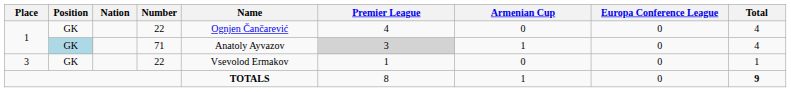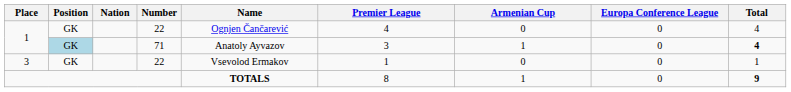 <table class="wikitable" style="font-size: 95%; text-align: center;">
 <tr>
 <th width=60>Place</th>
 <th width=60>Position</th>
 <th width=60>Nation</th>
 <th width=60>Number</th>
 <th width=200>Name</th>
 <th width=200><a href='#'>Premier League</a></th>
 <th width=200><a href='#'>Armenian Cup</a></th>
 <th width=200><a href='#'>Europa Conference League</a></th>
 <th width=80><strong>Total</strong></th>
 </tr>
 <tr>
 <td rowspan="2">1</td>
 <td>GK</td>
 <td></td>
 <td>22</td>
 <td><a href='#'>Ognjen Čančarević</a></td>
 <td>4</td>
 <td>0</td>
 <td>0</td>
 <td>4</td>
 </tr>
 <tr>
 <td style="background: lightblue;">GK</td>
 <td></td>
 <td>71</td>
 <td>Anatoly Ayvazov</td>
-<td style="background: lightgrey;">3</td>
+<td>3</td>
 <td>1</td>
 <td>0</td>
-<td>4</td>
+<td><strong>4</strong></td>
 </tr>
 <tr>
 <td>3</td>
 <td>GK</td>
 <td></td>
 <td>22</td>
 <td>Vsevolod Ermakov</td>
 <td>1</td>
 <td>0</td>
 <td>0</td>
 <td>1</td>
 </tr>
 <tr>
 <td colspan="4"></td>
 <td><strong>TOTALS</strong></td>
 <td>8</td>
 <td>1</td>
 <td>0</td>
 <td><strong>9</strong></td>
 </tr>
 </table>
